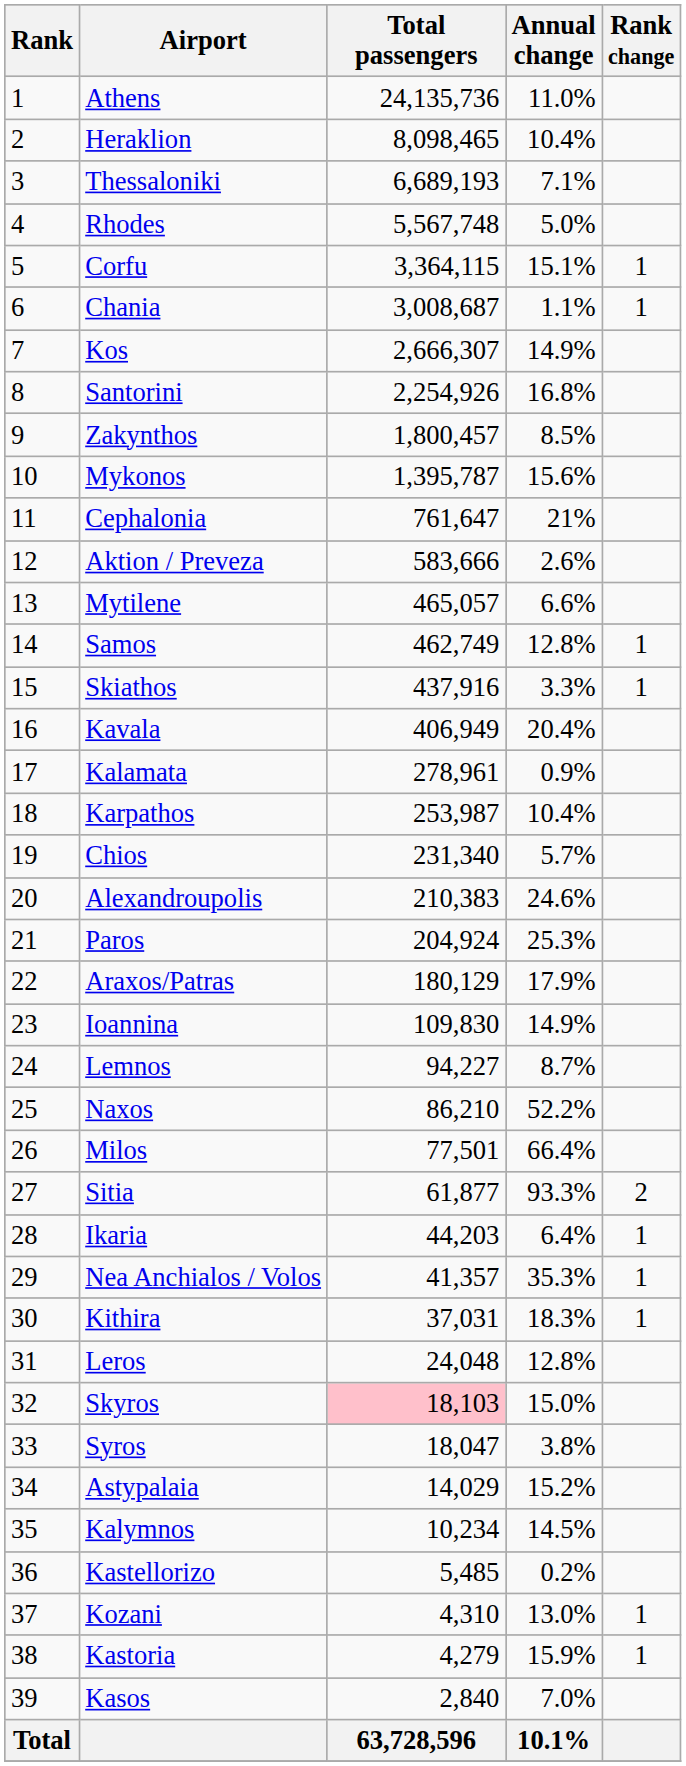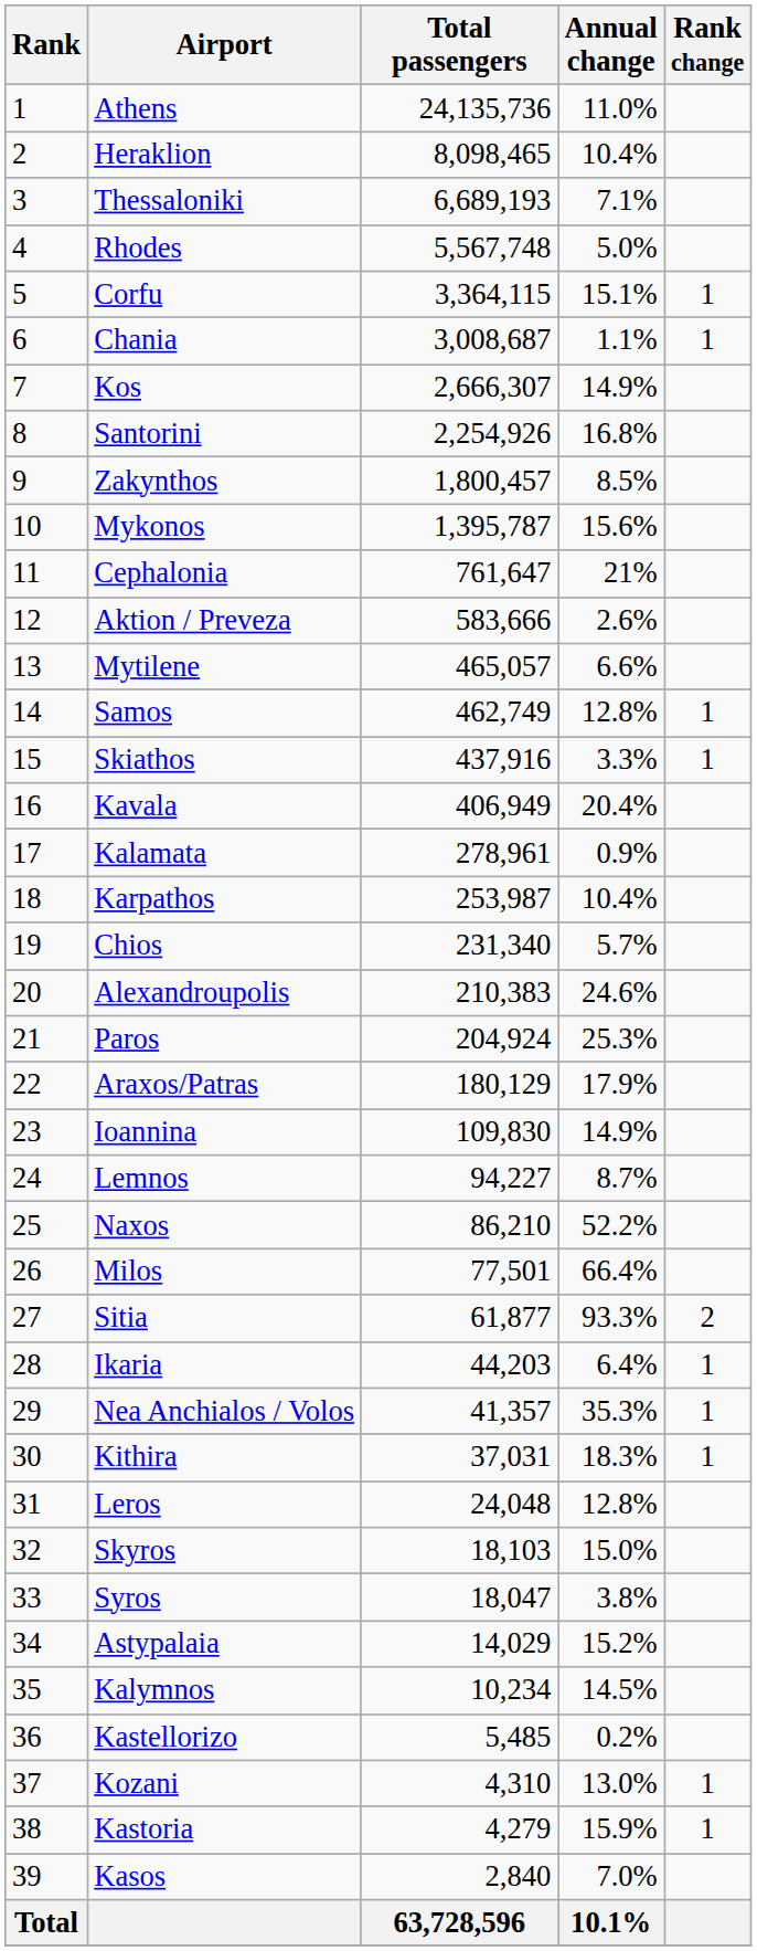 <table class="wikitable sortable">
 <tr>
 <th>Rank</th>
 <th>Airport</th>
 <th style="width:100px">Total<br>passengers</th>
 <th>Annual<br>change</th>
 <th>Rank<br><small>change</small></th>
 </tr>
 <tr>
 <td>1</td>
 <td><a href='#'>Athens</a></td>
 <td align="right">24,135,736</td>
 <td align="right">11.0%</td>
 <td align="center"></td>
 </tr>
 <tr>
 <td>2</td>
 <td><a href='#'>Heraklion</a></td>
 <td align="right">8,098,465</td>
 <td align="right">10.4%</td>
 <td align="center"></td>
 </tr>
 <tr>
 <td>3</td>
 <td><a href='#'>Thessaloniki</a></td>
 <td align="right">6,689,193</td>
 <td align="right">7.1%</td>
 <td align="center"></td>
 </tr>
 <tr>
 <td>4</td>
 <td><a href='#'>Rhodes</a></td>
 <td align="right">5,567,748</td>
 <td align="right">5.0%</td>
 <td align="center"></td>
 </tr>
 <tr>
 <td>5</td>
 <td><a href='#'>Corfu</a></td>
 <td align="right">3,364,115</td>
 <td align="right">15.1%</td>
 <td align="center">1</td>
 </tr>
 <tr>
 <td>6</td>
 <td><a href='#'>Chania</a></td>
 <td align="right">3,008,687</td>
 <td align="right">1.1%</td>
 <td align="center">1</td>
 </tr>
 <tr>
 <td>7</td>
 <td><a href='#'>Kos</a></td>
 <td align="right">2,666,307</td>
 <td align="right">14.9%</td>
 <td align="center"></td>
 </tr>
 <tr>
 <td>8</td>
 <td><a href='#'>Santorini</a></td>
 <td align="right">2,254,926</td>
 <td align="right">16.8%</td>
 <td align="center"></td>
 </tr>
 <tr>
 <td>9</td>
 <td><a href='#'>Zakynthos</a></td>
 <td align="right">1,800,457</td>
 <td align="right">8.5%</td>
 <td align="center"></td>
 </tr>
 <tr>
 <td>10</td>
 <td><a href='#'>Mykonos</a></td>
 <td align="right">1,395,787</td>
 <td align="right">15.6%</td>
 <td align="center"></td>
 </tr>
 <tr>
 <td>11</td>
 <td><a href='#'>Cephalonia</a></td>
 <td align="right">761,647</td>
 <td align="right">21%</td>
 <td align="center"></td>
 </tr>
 <tr>
 <td>12</td>
 <td><a href='#'>Aktion / Preveza</a></td>
 <td align="right">583,666</td>
 <td align="right">2.6%</td>
 <td align="center"></td>
 </tr>
 <tr>
 <td>13</td>
 <td><a href='#'>Mytilene</a></td>
 <td align="right">465,057</td>
 <td align="right">6.6%</td>
 <td align="center"></td>
 </tr>
 <tr>
 <td>14</td>
 <td><a href='#'>Samos</a></td>
 <td align="right">462,749</td>
 <td align="right">12.8%</td>
 <td align="center">1</td>
 </tr>
 <tr>
 <td>15</td>
 <td><a href='#'>Skiathos</a></td>
 <td align="right">437,916</td>
 <td align="right">3.3%</td>
 <td align="center">1</td>
 </tr>
 <tr>
 <td>16</td>
 <td><a href='#'>Kavala</a></td>
 <td align="right">406,949</td>
 <td align="right">20.4%</td>
 <td align="center"></td>
 </tr>
 <tr>
 <td>17</td>
 <td><a href='#'>Kalamata</a></td>
 <td align="right">278,961</td>
 <td align="right">0.9%</td>
 <td align="center"></td>
 </tr>
 <tr>
 <td>18</td>
 <td><a href='#'>Karpathos</a></td>
 <td align="right">253,987</td>
 <td align="right">10.4%</td>
 <td align="center"></td>
 </tr>
 <tr>
 <td>19</td>
 <td><a href='#'>Chios</a></td>
 <td align="right">231,340</td>
 <td align="right">5.7%</td>
 <td align="center"></td>
 </tr>
 <tr>
 <td>20</td>
 <td><a href='#'>Alexandroupolis</a></td>
 <td align="right">210,383</td>
 <td align="right">24.6%</td>
 <td align="center"></td>
 </tr>
 <tr>
 <td>21</td>
 <td><a href='#'>Paros</a></td>
 <td align="right">204,924</td>
 <td align="right">25.3%</td>
 <td align="center"></td>
 </tr>
 <tr>
 <td>22</td>
 <td><a href='#'>Araxos/Patras</a></td>
 <td align="right">180,129</td>
 <td align="right">17.9%</td>
 <td align="center"></td>
 </tr>
 <tr>
 <td>23</td>
 <td><a href='#'>Ioannina</a></td>
 <td align="right">109,830</td>
 <td align="right">14.9%</td>
 <td align="center"></td>
 </tr>
 <tr>
 <td>24</td>
 <td><a href='#'>Lemnos</a></td>
 <td align="right">94,227</td>
 <td align="right">8.7%</td>
 <td align="center"></td>
 </tr>
 <tr>
 <td>25</td>
 <td><a href='#'>Naxos</a></td>
 <td align="right">86,210</td>
 <td align="right">52.2%</td>
 <td align="center"></td>
 </tr>
 <tr>
 <td>26</td>
 <td><a href='#'>Milos</a></td>
 <td align="right">77,501</td>
 <td align="right">66.4%</td>
 <td align="center"></td>
 </tr>
 <tr>
 <td>27</td>
 <td><a href='#'>Sitia</a></td>
 <td align="right">61,877</td>
 <td align="right">93.3%</td>
 <td align="center">2</td>
 </tr>
 <tr>
 <td>28</td>
 <td><a href='#'>Ikaria</a></td>
 <td align="right">44,203</td>
 <td align="right">6.4%</td>
 <td align="center">1</td>
 </tr>
 <tr>
 <td>29</td>
 <td><a href='#'>Nea Anchialos / Volos</a></td>
 <td align="right">41,357</td>
 <td align="right">35.3%</td>
 <td align="center">1</td>
 </tr>
 <tr>
 <td>30</td>
 <td><a href='#'>Kithira</a></td>
 <td align="right">37,031</td>
 <td align="right">18.3%</td>
 <td align="center">1</td>
 </tr>
 <tr>
 <td>31</td>
 <td><a href='#'>Leros</a></td>
 <td align="right">24,048</td>
 <td align="right">12.8%</td>
 <td align="center"></td>
 </tr>
 <tr>
 <td>32</td>
 <td><a href='#'>Skyros</a></td>
-<td align="right" style="background: pink;">18,103</td>
+<td align="right">18,103</td>
 <td align="right">15.0%</td>
 <td align="center"></td>
 </tr>
 <tr>
 <td>33</td>
 <td><a href='#'>Syros</a></td>
 <td align="right">18,047</td>
 <td align="right">3.8%</td>
 <td align="center"></td>
 </tr>
 <tr>
 <td>34</td>
 <td><a href='#'>Astypalaia</a></td>
 <td align="right">14,029</td>
 <td align="right">15.2%</td>
 <td align="center"></td>
 </tr>
 <tr>
 <td>35</td>
 <td><a href='#'>Kalymnos</a></td>
 <td align="right">10,234</td>
 <td align="right">14.5%</td>
 <td align="center"></td>
 </tr>
 <tr>
 <td>36</td>
 <td><a href='#'>Kastellorizo</a></td>
 <td align="right">5,485</td>
 <td align="right">0.2%</td>
 <td align="center"></td>
 </tr>
 <tr>
 <td>37</td>
 <td><a href='#'>Kozani</a></td>
 <td align="right">4,310</td>
 <td align="right">13.0%</td>
 <td align="center">1</td>
 </tr>
 <tr>
 <td>38</td>
 <td><a href='#'>Kastoria</a></td>
 <td align="right">4,279</td>
 <td align="right">15.9%</td>
 <td align="center">1</td>
 </tr>
 <tr>
 <td>39</td>
 <td><a href='#'>Kasos</a></td>
 <td align="right">2,840</td>
 <td align="right">7.0%</td>
 <td align="center"></td>
 </tr>
 <tr>
 <th>Total</th>
 <th></th>
 <th align="right">63,728,596</th>
 <th align="right">10.1%</th>
 <th></th>
 </tr>
 <tr>
 </tr>
 </table>
